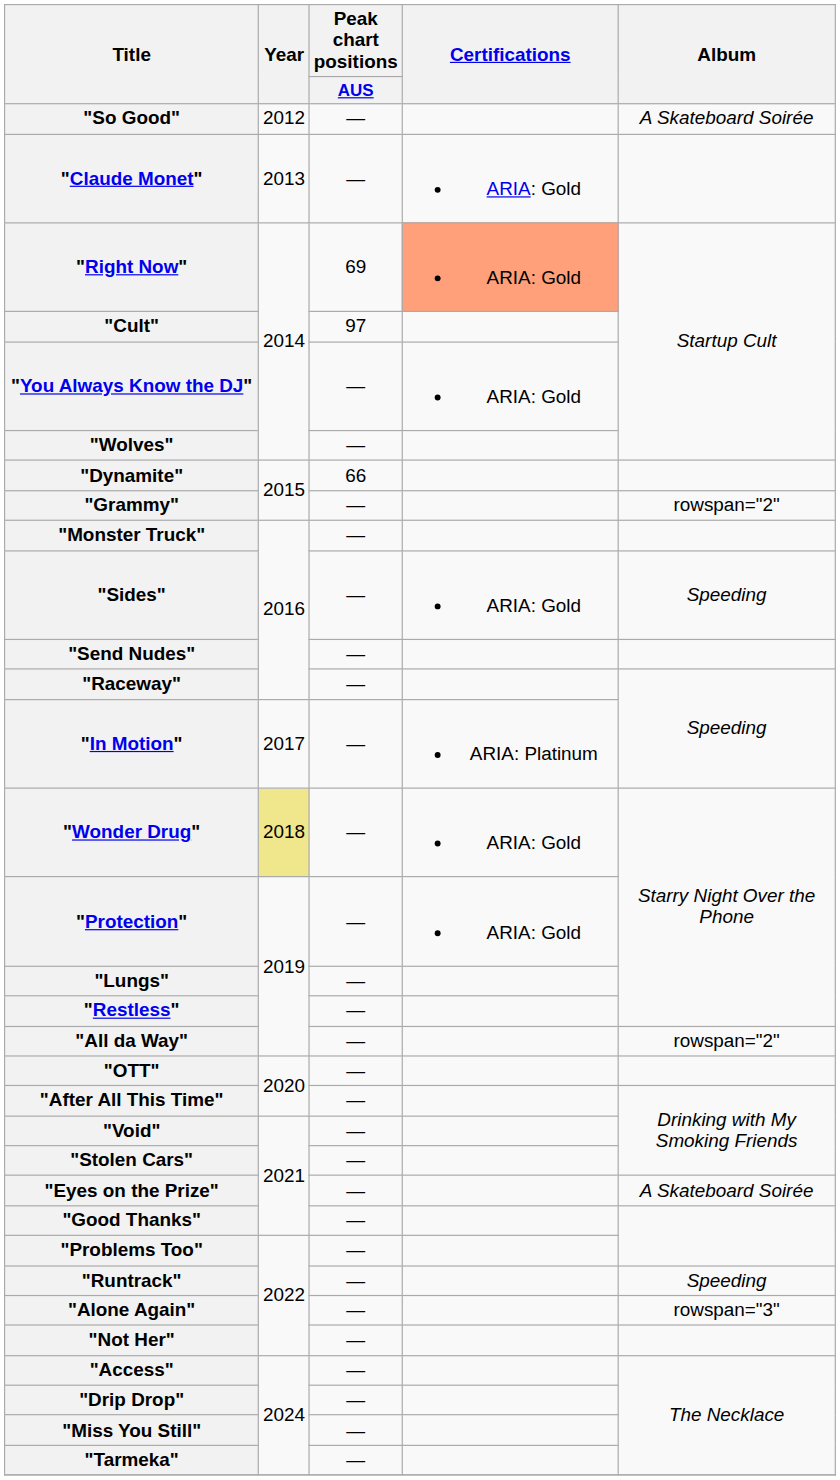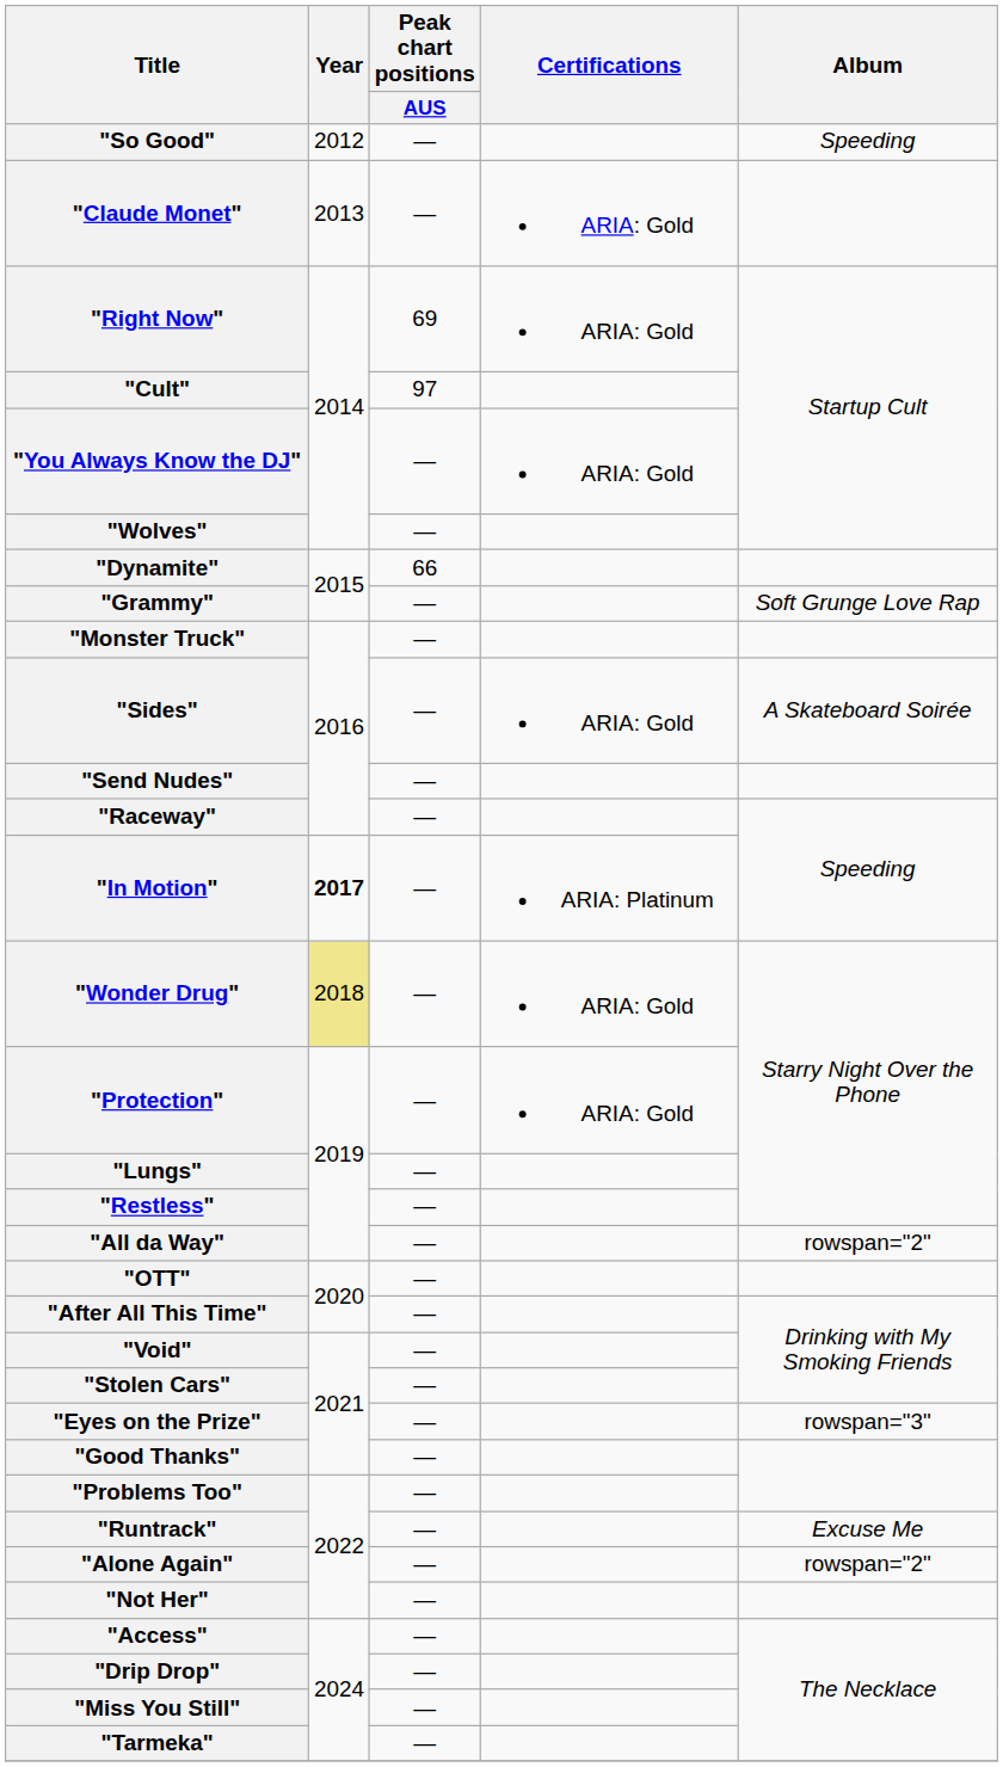 <table class="wikitable plainrowheaders" style="text-align:center;">
 <tr>
 <th scope="col" rowspan="2" style="width:13em;">Title</th>
 <th scope="col" rowspan="2" style="width:1em;">Year</th>
 <th scope="col" colspan="1">Peak chart positions</th>
 <th scope="col" rowspan="2" style="width:11em;"><a href='#'>Certifications</a></th>
 <th scope="col" rowspan="2" style="width:11em;">Album</th>
 </tr>
 <tr>
 <th scope="col" style="width:3em;font-size:90%;"><a href='#'>AUS</a><br></th>
 </tr>
 <tr>
 <th scope="row">"So Good"<br></th>
 <td>2012</td>
 <td>—</td>
 <td></td>
-<td><em>A Skateboard Soirée</em></td>
+<td><em>Speeding</em></td>
 </tr>
 <tr>
 <th scope="row">"<a href='#'>Claude Monet</a>"</th>
 <td>2013</td>
 <td>—</td>
 <td><br><ul><li><a href='#'>ARIA</a>: Gold</li></ul></td>
 <td></td>
 </tr>
 <tr>
 <th scope="row">"<a href='#'>Right Now</a>"</th>
 <td rowspan="4">2014</td>
 <td>69</td>
-<td style="background: lightsalmon;"><br><ul><li>ARIA: Gold</li></ul></td>
+<td><br><ul><li>ARIA: Gold</li></ul></td>
 <td rowspan="4"><em>Startup Cult</em></td>
 </tr>
 <tr>
 <th scope="row">"Cult"</th>
 <td>97</td>
 <td></td>
 </tr>
 <tr>
 <th scope="row">"<a href='#'>You Always Know the DJ</a>"</th>
 <td>—</td>
 <td><br><ul><li>ARIA: Gold</li></ul></td>
 </tr>
 <tr>
 <th scope="row">"Wolves"<br></th>
 <td>—</td>
 <td></td>
 </tr>
 <tr>
 <th scope="row">"Dynamite"<br></th>
 <td rowspan="2">2015</td>
 <td>66</td>
 <td></td>
 <td></td>
 </tr>
 <tr>
 <th scope="row">"Grammy"</th>
 <td>—</td>
 <td></td>
-<td>rowspan="2" </td>
+<td><em>Soft Grunge Love Rap</em></td>
 </tr>
 <tr>
 <th scope="row">"Monster Truck"</th>
 <td rowspan="4">2016</td>
 <td>—</td>
 <td></td>
 <td></td>
 </tr>
 <tr>
 <th scope="row">"Sides"<br></th>
 <td>—</td>
 <td><br><ul><li>ARIA: Gold</li></ul></td>
-<td><em>Speeding</em></td>
+<td><em>A Skateboard Soirée</em></td>
 </tr>
 <tr>
 <th scope="row">"Send Nudes"</th>
 <td>—</td>
 <td></td>
 <td></td>
 </tr>
 <tr>
 <th scope="row">"Raceway"</th>
 <td>—</td>
 <td></td>
 <td rowspan="2"><em>Speeding</em></td>
 </tr>
 <tr>
 <th scope="row">"<a href='#'>In Motion</a>"<br></th>
-<td>2017</td>
+<td><strong>2017</strong></td>
 <td>—</td>
 <td><br><ul><li>ARIA: Platinum</li></ul></td>
 </tr>
 <tr>
 <th scope="row">"<a href='#'>Wonder Drug</a>"</th>
 <td style="background: khaki;">2018</td>
 <td>—</td>
 <td><br><ul><li>ARIA: Gold</li></ul></td>
 <td rowspan="4"><em>Starry Night Over the Phone</em></td>
 </tr>
 <tr>
 <th scope="row">"<a href='#'>Protection</a>"</th>
 <td rowspan="4">2019</td>
 <td>—</td>
 <td><br><ul><li>ARIA: Gold</li></ul></td>
 </tr>
 <tr>
 <th scope="row">"Lungs"</th>
 <td>—</td>
 <td></td>
 </tr>
 <tr>
 <th scope="row">"<a href='#'>Restless</a>"<br></th>
 <td>—</td>
 <td></td>
 </tr>
 <tr>
 <th scope="row">"All da Way"</th>
 <td>—</td>
 <td></td>
 <td>rowspan="2" </td>
 </tr>
 <tr>
 <th scope="row">"OTT"</th>
 <td rowspan="2">2020</td>
 <td>—</td>
 <td></td>
 </tr>
 <tr>
 <th scope="row">"After All This Time"</th>
 <td>—</td>
 <td></td>
 <td rowspan="3"><em>Drinking with My Smoking Friends</em></td>
 </tr>
 <tr>
 <th scope="row">"Void"</th>
 <td rowspan="4">2021</td>
 <td>—</td>
 <td></td>
 </tr>
 <tr>
 <th scope="row">"Stolen Cars"</th>
 <td>—</td>
 <td></td>
 </tr>
 <tr>
 <th scope="row">"Eyes on the Prize"</th>
 <td>—</td>
 <td></td>
-<td><em>A Skateboard Soirée</em></td>
+<td>rowspan="3" </td>
 </tr>
 <tr>
 <th scope="row">"Good Thanks"</th>
 <td>—</td>
 <td></td>
 </tr>
 <tr>
 <th scope="row">"Problems Too"<br> </th>
 <td rowspan="4">2022</td>
 <td>—</td>
 <td></td>
 </tr>
 <tr>
 <th scope="row">"Runtrack"</th>
 <td>—</td>
 <td></td>
-<td><em>Speeding</em></td>
+<td><em>Excuse Me</em></td>
 </tr>
 <tr>
 <th scope="row">"Alone Again"<br> </th>
 <td>—</td>
 <td></td>
-<td>rowspan="3" </td>
+<td>rowspan="2" </td>
 </tr>
 <tr>
 <th scope="row">"Not Her"<br> </th>
 <td>—</td>
 <td></td>
 </tr>
 <tr>
 <th scope="row">"Access"</th>
 <td rowspan="4">2024</td>
 <td>—</td>
 <td></td>
 <td rowspan="4"><em>The Necklace</em></td>
 </tr>
 <tr>
 <th scope="row">"Drip Drop"</th>
 <td>—</td>
 <td></td>
 </tr>
 <tr>
 <th scope="row">"Miss You Still"<br></th>
 <td>—</td>
 <td></td>
 </tr>
 <tr>
 <th scope="row">"Tarmeka"</th>
 <td>—</td>
 <td></td>
 </tr>
 <tr>
 </tr>
 </table>
